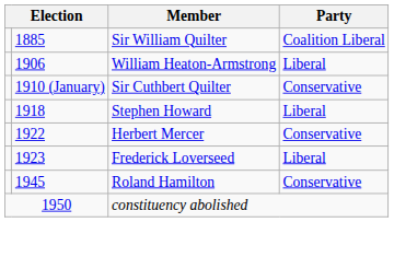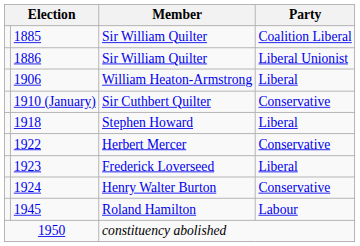 <table class="wikitable">
 <tr>
 <th colspan="2">Election</th>
 <th>Member</th>
 <th>Party</th>
 </tr>
 <tr>
 <td style="color:inherit;background-color: "></td>
 <td><a href='#'>1885</a></td>
 <td><a href='#'>Sir William Quilter</a></td>
 <td><a href='#'>Coalition Liberal</a></td>
+</tr>
+<tr>
+<td style="color:inherit;background-color: "></td>
+<td><a href='#'>1886</a></td>
+<td><a href='#'>Sir William Quilter</a></td>
+<td><a href='#'>Liberal Unionist</a></td>
 </tr>
 <tr>
 <td style="color:inherit;background-color: "></td>
 <td><a href='#'>1906</a></td>
 <td><a href='#'>William Heaton-Armstrong</a></td>
 <td><a href='#'>Liberal</a></td>
 </tr>
 <tr>
 <td style="color:inherit;background-color: "></td>
 <td><a href='#'>1910 (January)</a></td>
 <td><a href='#'>Sir Cuthbert Quilter</a></td>
 <td><a href='#'>Conservative</a></td>
 </tr>
 <tr>
 <td style="color:inherit;background-color: "></td>
 <td><a href='#'>1918</a></td>
 <td><a href='#'>Stephen Howard</a></td>
 <td><a href='#'>Liberal</a></td>
 </tr>
 <tr>
 <td style="color:inherit;background-color: "></td>
 <td><a href='#'>1922</a></td>
 <td><a href='#'>Herbert Mercer</a></td>
 <td><a href='#'>Conservative</a></td>
 </tr>
 <tr>
 <td style="color:inherit;background-color: "></td>
 <td><a href='#'>1923</a></td>
 <td><a href='#'>Frederick Loverseed</a></td>
 <td><a href='#'>Liberal</a></td>
 </tr>
 <tr>
 <td style="color:inherit;background-color: "></td>
+<td><a href='#'>1924</a></td>
+<td><a href='#'>Henry Walter Burton</a></td>
+<td><a href='#'>Conservative</a></td>
+</tr>
+<tr>
+<td style="color:inherit;background-color: "></td>
 <td><a href='#'>1945</a></td>
 <td><a href='#'>Roland Hamilton</a></td>
-<td><a href='#'>Conservative</a></td>
+<td><a href='#'>Labour</a></td>
 </tr>
 <tr>
 <td colspan="2" align="center"><a href='#'>1950</a></td>
 <td colspan="2"><em>constituency abolished</em></td>
 </tr>
 </table>
